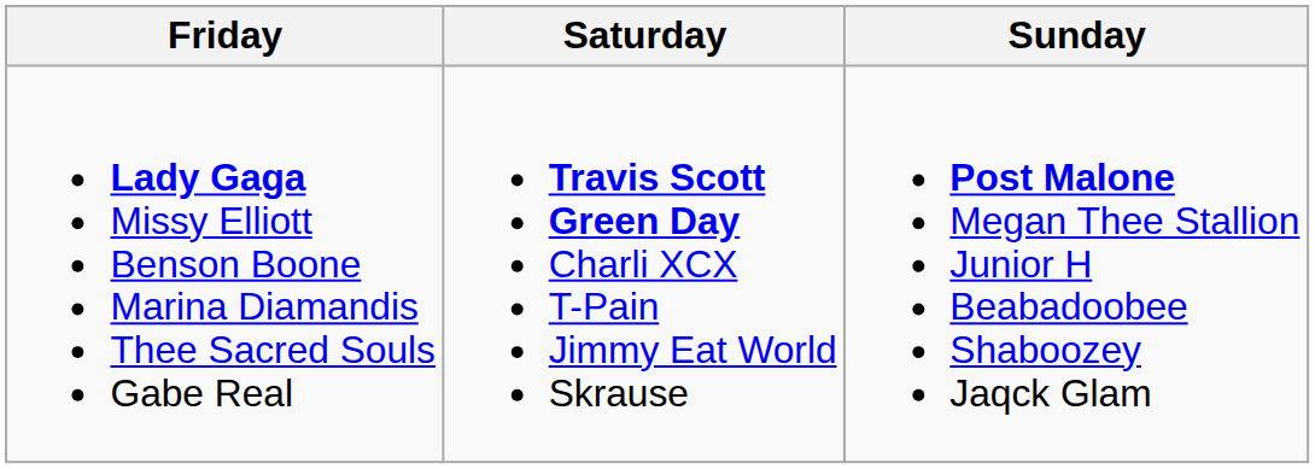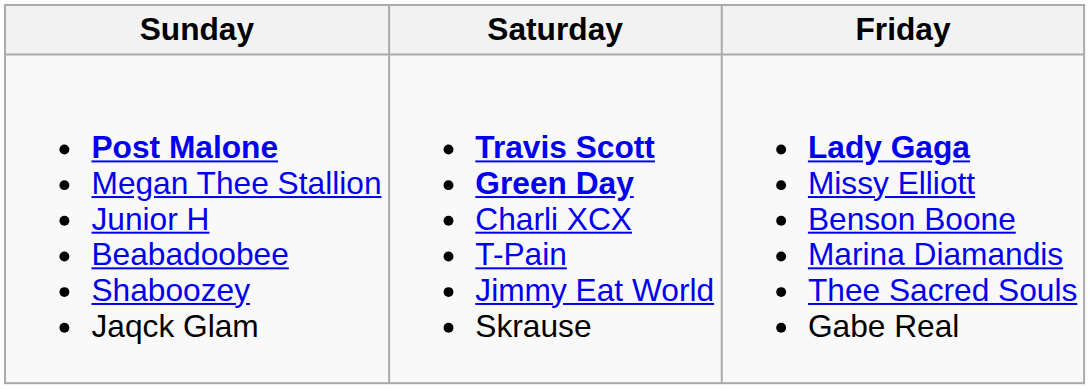 <table class="wikitable">
 <tr>
+<th>Sunday</th>
+<th>Saturday</th>
 <th>Friday</th>
-<th>Saturday</th>
-<th>Sunday</th>
 </tr>
 <tr valign="top">
+<td><br><ul><li><strong><a href='#'>Post Malone</a></strong></li><li><a href='#'>Megan Thee Stallion</a></li><li><a href='#'>Junior H</a></li><li><a href='#'>Beabadoobee</a></li><li><a href='#'>Shaboozey</a></li><li>Jaqck Glam</li></ul></td>
+<td><br><ul><li><strong><a href='#'>Travis Scott</a></strong></li><li><strong><a href='#'>Green Day</a></strong></li><li><a href='#'>Charli XCX</a></li><li><a href='#'>T-Pain</a></li><li><a href='#'>Jimmy Eat World</a></li><li>Skrause</li></ul></td>
 <td><br><ul><li><strong><a href='#'>Lady Gaga</a></strong></li><li><a href='#'>Missy Elliott</a></li><li><a href='#'>Benson Boone</a></li><li><a href='#'>Marina Diamandis</a></li><li><a href='#'>Thee Sacred Souls</a></li><li>Gabe Real</li></ul></td>
-<td><br><ul><li><strong><a href='#'>Travis Scott</a></strong></li><li><strong><a href='#'>Green Day</a></strong></li><li><a href='#'>Charli XCX</a></li><li><a href='#'>T-Pain</a></li><li><a href='#'>Jimmy Eat World</a></li><li>Skrause</li></ul></td>
-<td><br><ul><li><strong><a href='#'>Post Malone</a></strong></li><li><a href='#'>Megan Thee Stallion</a></li><li><a href='#'>Junior H</a></li><li><a href='#'>Beabadoobee</a></li><li><a href='#'>Shaboozey</a></li><li>Jaqck Glam</li></ul></td>
 </tr>
 </table>
